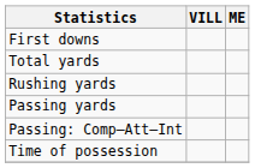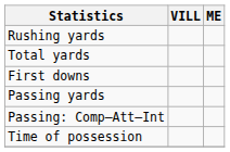 <table class="wikitable" style="float: left;">
 <tr>
 <th>Statistics</th>
 <th>VILL</th>
 <th>ME</th>
 </tr>
 <tr>
-<td>First downs</td>
+<td>Rushing yards</td>
 <td></td>
 <td></td>
 </tr>
 <tr>
 <td>Total yards</td>
 <td></td>
 <td></td>
 </tr>
 <tr>
-<td>Rushing yards</td>
+<td>First downs</td>
 <td></td>
 <td></td>
 </tr>
 <tr>
 <td>Passing yards</td>
 <td></td>
 <td></td>
 </tr>
 <tr>
 <td>Passing: Comp–Att–Int</td>
 <td></td>
 <td></td>
 </tr>
 <tr>
 <td>Time of possession</td>
 <td></td>
 <td></td>
 </tr>
 <tr>
 </tr>
 </table>
